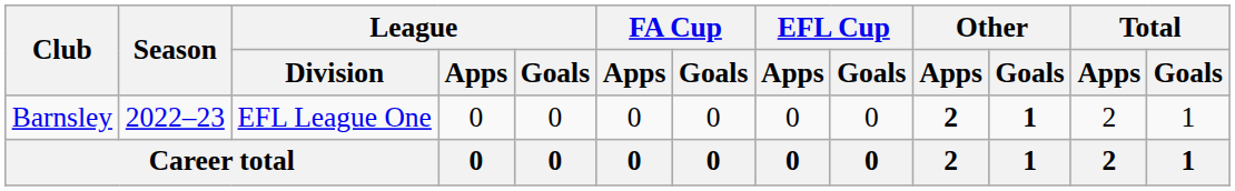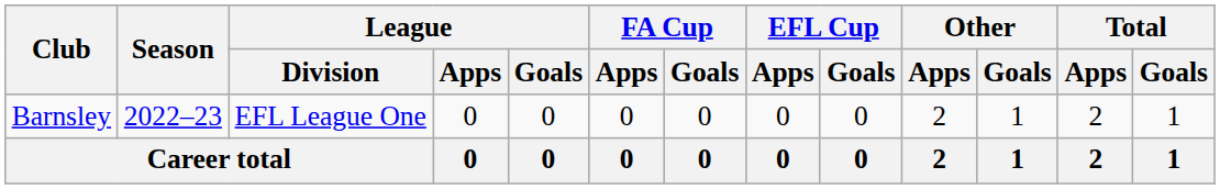 <table class="wikitable" style="text-align:center;">
 <tr>
 <th rowspan="2">Club</th>
 <th rowspan="2">Season</th>
 <th colspan="3">League</th>
 <th colspan="2"><a href='#'>FA Cup</a></th>
 <th colspan="2"><a href='#'>EFL Cup</a></th>
 <th colspan="2">Other</th>
 <th colspan="2">Total</th>
 </tr>
 <tr>
 <th>Division</th>
 <th>Apps</th>
 <th>Goals</th>
 <th>Apps</th>
 <th>Goals</th>
 <th>Apps</th>
 <th>Goals</th>
 <th>Apps</th>
 <th>Goals</th>
 <th>Apps</th>
 <th>Goals</th>
 </tr>
 <tr>
 <td><a href='#'>Barnsley</a></td>
 <td><a href='#'>2022–23</a></td>
 <td><a href='#'>EFL League One</a></td>
 <td>0</td>
 <td>0</td>
 <td>0</td>
 <td>0</td>
 <td>0</td>
 <td>0</td>
-<td><strong>2</strong></td>
-<td><strong>1</strong></td>
+<td>2</td>
+<td>1</td>
 <td>2</td>
 <td>1</td>
 </tr>
 <tr>
 <th colspan="3">Career total</th>
 <th>0</th>
 <th>0</th>
 <th>0</th>
 <th>0</th>
 <th>0</th>
 <th>0</th>
 <th>2</th>
 <th>1</th>
 <th>2</th>
 <th>1</th>
 </tr>
 </table>
